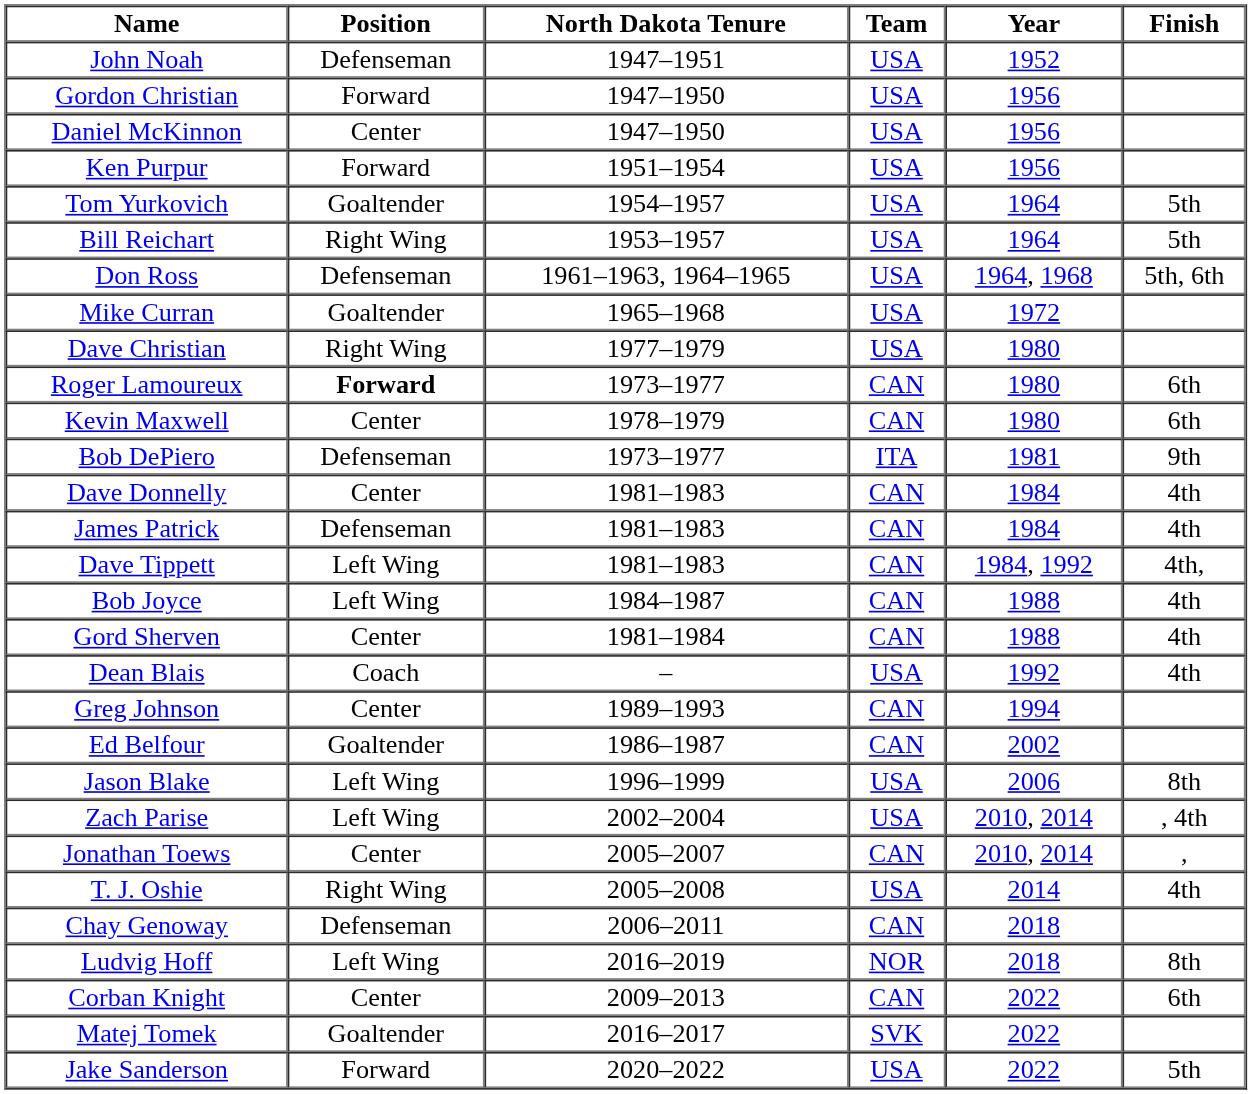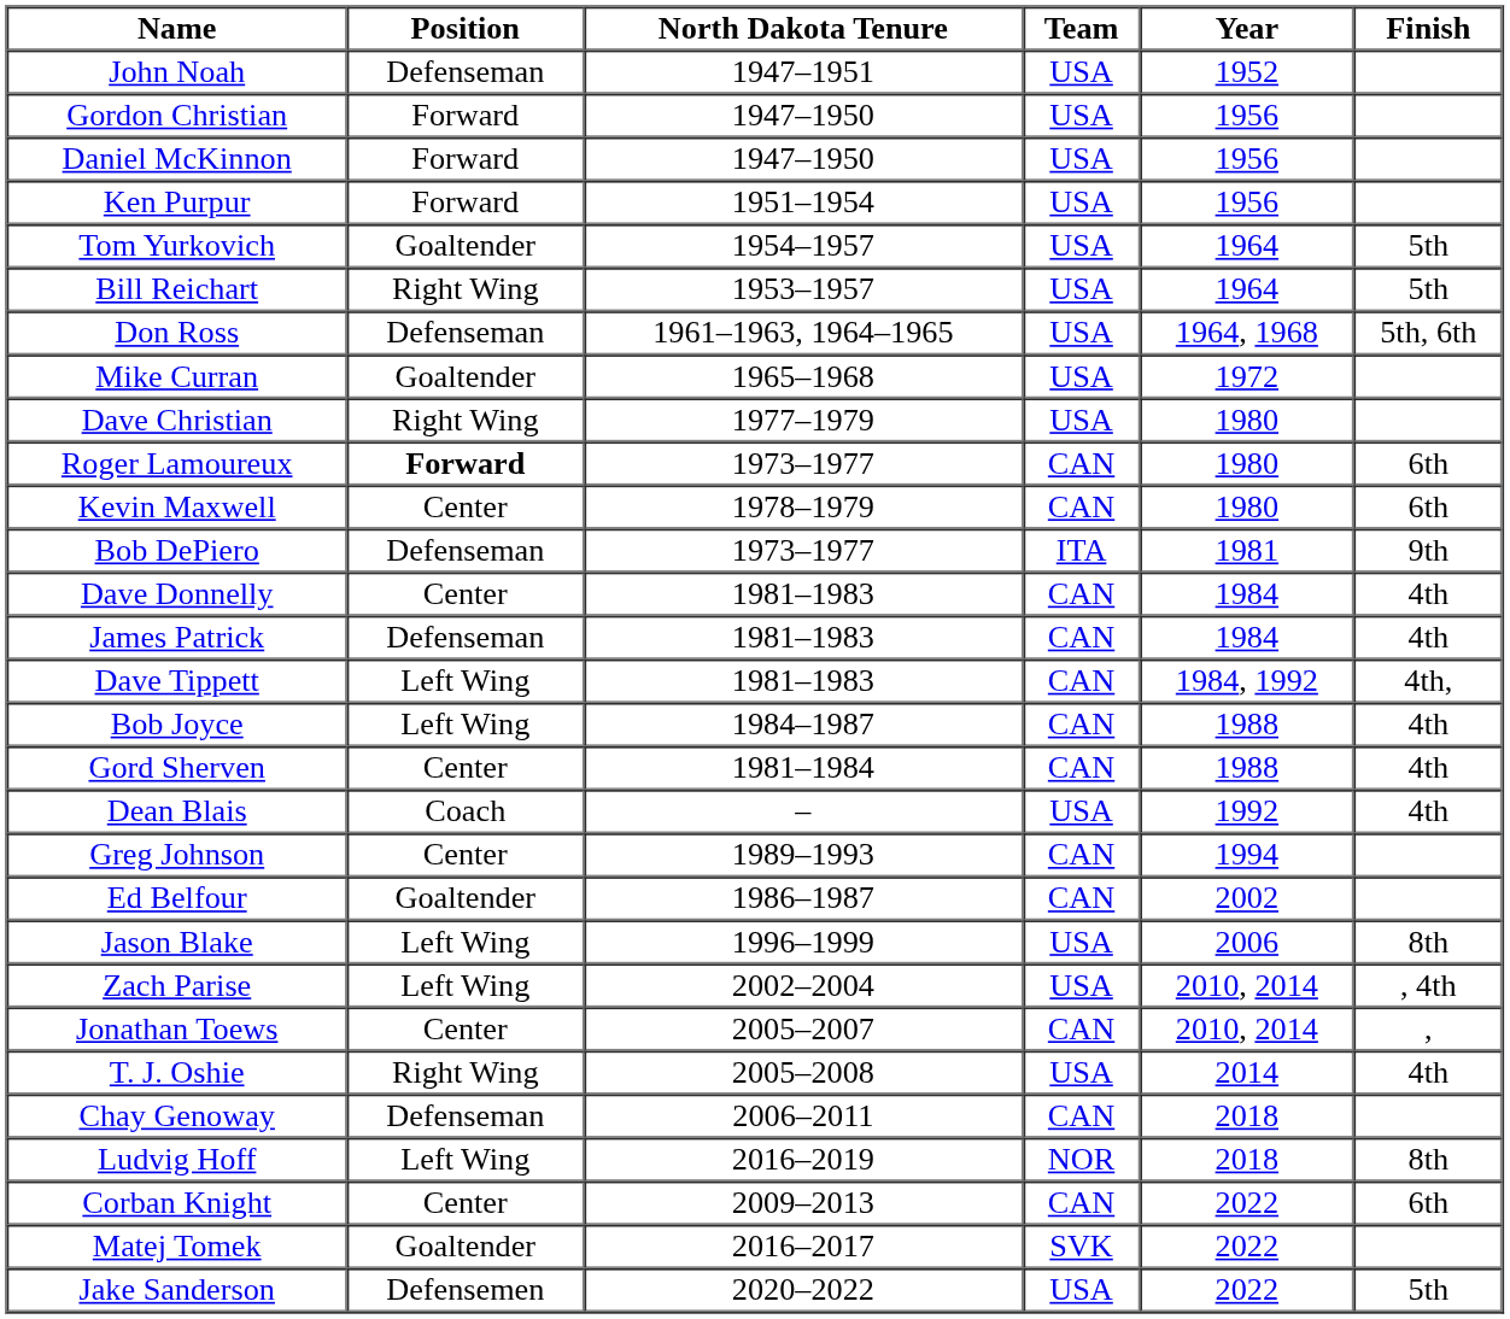 <table cellpadding="1" border="1" cellspacing="0" width="60%">
 <tr>
 <th>Name</th>
 <th>Position</th>
 <th>North Dakota Tenure</th>
 <th>Team</th>
 <th>Year</th>
 <th>Finish</th>
 </tr>
 <tr align="center">
 <td><a href='#'>John Noah</a></td>
 <td>Defenseman</td>
 <td>1947–1951</td>
 <td> <a href='#'>USA</a></td>
 <td><a href='#'>1952</a></td>
 <td></td>
 </tr>
 <tr align="center">
 <td><a href='#'>Gordon Christian</a></td>
 <td>Forward</td>
 <td>1947–1950</td>
 <td> <a href='#'>USA</a></td>
 <td><a href='#'>1956</a></td>
 <td></td>
 </tr>
 <tr align="center">
 <td><a href='#'>Daniel McKinnon</a></td>
-<td>Center</td>
+<td>Forward</td>
 <td>1947–1950</td>
 <td> <a href='#'>USA</a></td>
 <td><a href='#'>1956</a></td>
 <td></td>
 </tr>
 <tr align="center">
 <td><a href='#'>Ken Purpur</a></td>
 <td>Forward</td>
 <td>1951–1954</td>
 <td> <a href='#'>USA</a></td>
 <td><a href='#'>1956</a></td>
 <td></td>
 </tr>
 <tr align="center">
 <td><a href='#'>Tom Yurkovich</a></td>
 <td>Goaltender</td>
 <td>1954–1957</td>
 <td> <a href='#'>USA</a></td>
 <td><a href='#'>1964</a></td>
 <td>5th</td>
 </tr>
 <tr align="center">
 <td><a href='#'>Bill Reichart</a></td>
 <td>Right Wing</td>
 <td>1953–1957</td>
 <td> <a href='#'>USA</a></td>
 <td><a href='#'>1964</a></td>
 <td>5th</td>
 </tr>
 <tr align="center">
 <td><a href='#'>Don Ross</a></td>
 <td>Defenseman</td>
 <td>1961–1963, 1964–1965</td>
 <td> <a href='#'>USA</a></td>
 <td><a href='#'>1964</a>, <a href='#'>1968</a></td>
 <td>5th, 6th</td>
 </tr>
 <tr align="center">
 <td><a href='#'>Mike Curran</a></td>
 <td>Goaltender</td>
 <td>1965–1968</td>
 <td> <a href='#'>USA</a></td>
 <td><a href='#'>1972</a></td>
 <td></td>
 </tr>
 <tr align="center">
 <td><a href='#'>Dave Christian</a></td>
 <td>Right Wing</td>
 <td>1977–1979</td>
 <td> <a href='#'>USA</a></td>
 <td><a href='#'>1980</a></td>
 <td></td>
 </tr>
 <tr align="center">
 <td><a href='#'>Roger Lamoureux</a></td>
 <td><strong>Forward</strong></td>
 <td>1973–1977</td>
 <td> <a href='#'>CAN</a></td>
 <td><a href='#'>1980</a></td>
 <td>6th</td>
 </tr>
 <tr align="center">
 <td><a href='#'>Kevin Maxwell</a></td>
 <td>Center</td>
 <td>1978–1979</td>
 <td> <a href='#'>CAN</a></td>
 <td><a href='#'>1980</a></td>
 <td>6th</td>
 </tr>
 <tr align="center">
 <td><a href='#'>Bob DePiero</a></td>
 <td>Defenseman</td>
 <td>1973–1977</td>
 <td> <a href='#'>ITA</a></td>
 <td><a href='#'>1981</a></td>
 <td>9th</td>
 </tr>
 <tr align="center">
 <td><a href='#'>Dave Donnelly</a></td>
 <td>Center</td>
 <td>1981–1983</td>
 <td> <a href='#'>CAN</a></td>
 <td><a href='#'>1984</a></td>
 <td>4th</td>
 </tr>
 <tr align="center">
 <td><a href='#'>James Patrick</a></td>
 <td>Defenseman</td>
 <td>1981–1983</td>
 <td> <a href='#'>CAN</a></td>
 <td><a href='#'>1984</a></td>
 <td>4th</td>
 </tr>
 <tr align="center">
 <td><a href='#'>Dave Tippett</a></td>
 <td>Left Wing</td>
 <td>1981–1983</td>
 <td> <a href='#'>CAN</a></td>
 <td><a href='#'>1984</a>, <a href='#'>1992</a></td>
 <td>4th, </td>
 </tr>
 <tr align="center">
 <td><a href='#'>Bob Joyce</a></td>
 <td>Left Wing</td>
 <td>1984–1987</td>
 <td> <a href='#'>CAN</a></td>
 <td><a href='#'>1988</a></td>
 <td>4th</td>
 </tr>
 <tr align="center">
 <td><a href='#'>Gord Sherven</a></td>
 <td>Center</td>
 <td>1981–1984</td>
 <td> <a href='#'>CAN</a></td>
 <td><a href='#'>1988</a></td>
 <td>4th</td>
 </tr>
 <tr align="center">
 <td><a href='#'>Dean Blais</a></td>
 <td>Coach</td>
 <td>–</td>
 <td> <a href='#'>USA</a></td>
 <td><a href='#'>1992</a></td>
 <td>4th</td>
 </tr>
 <tr align="center">
 <td><a href='#'>Greg Johnson</a></td>
 <td>Center</td>
 <td>1989–1993</td>
 <td> <a href='#'>CAN</a></td>
 <td><a href='#'>1994</a></td>
 <td></td>
 </tr>
 <tr align="center">
 <td><a href='#'>Ed Belfour</a></td>
 <td>Goaltender</td>
 <td>1986–1987</td>
 <td> <a href='#'>CAN</a></td>
 <td><a href='#'>2002</a></td>
 <td></td>
 </tr>
 <tr align="center">
 <td><a href='#'>Jason Blake</a></td>
 <td>Left Wing</td>
 <td>1996–1999</td>
 <td> <a href='#'>USA</a></td>
 <td><a href='#'>2006</a></td>
 <td>8th</td>
 </tr>
 <tr align="center">
 <td><a href='#'>Zach Parise</a></td>
 <td>Left Wing</td>
 <td>2002–2004</td>
 <td> <a href='#'>USA</a></td>
 <td><a href='#'>2010</a>, <a href='#'>2014</a></td>
 <td>, 4th</td>
 </tr>
 <tr align="center">
 <td><a href='#'>Jonathan Toews</a></td>
 <td>Center</td>
 <td>2005–2007</td>
 <td> <a href='#'>CAN</a></td>
 <td><a href='#'>2010</a>, <a href='#'>2014</a></td>
 <td>, </td>
 </tr>
 <tr align="center">
 <td><a href='#'>T. J. Oshie</a></td>
 <td>Right Wing</td>
 <td>2005–2008</td>
 <td> <a href='#'>USA</a></td>
 <td><a href='#'>2014</a></td>
 <td>4th</td>
 </tr>
 <tr align="center">
 <td><a href='#'>Chay Genoway</a></td>
 <td>Defenseman</td>
 <td>2006–2011</td>
 <td> <a href='#'>CAN</a></td>
 <td><a href='#'>2018</a></td>
 <td></td>
 </tr>
 <tr align="center">
 <td><a href='#'>Ludvig Hoff</a></td>
 <td>Left Wing</td>
 <td>2016–2019</td>
 <td> <a href='#'>NOR</a></td>
 <td><a href='#'>2018</a></td>
 <td>8th</td>
 </tr>
 <tr align="center">
 <td><a href='#'>Corban Knight</a></td>
 <td>Center</td>
 <td>2009–2013</td>
 <td> <a href='#'>CAN</a></td>
 <td><a href='#'>2022</a></td>
 <td>6th</td>
 </tr>
 <tr align="center">
 <td><a href='#'>Matej Tomek</a></td>
 <td>Goaltender</td>
 <td>2016–2017</td>
 <td> <a href='#'>SVK</a></td>
 <td><a href='#'>2022</a></td>
 <td></td>
 </tr>
 <tr align="center">
 <td><a href='#'>Jake Sanderson</a></td>
-<td>Forward</td>
+<td>Defensemen</td>
 <td>2020–2022</td>
 <td> <a href='#'>USA</a></td>
 <td><a href='#'>2022</a></td>
 <td>5th</td>
 </tr>
 <tr align="center">
 </tr>
 </table>
